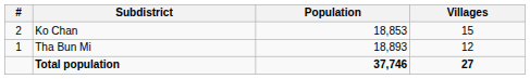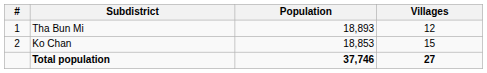 <table class="wikitable" style="width:48%;">
 <tr>
 <th>#</th>
 <th>Subdistrict</th>
 <th>Population</th>
 <th>Villages</th>
 </tr>
 <tr>
+<td style="text-align:center;">1</td>
+<td>Tha Bun Mi</td>
+<td style="text-align:right;">18,893</td>
+<td style="text-align:center;">12</td>
+</tr>
+<tr>
 <td style="text-align:center;">2</td>
 <td>Ko Chan</td>
 <td style="text-align:right;">18,853</td>
 <td style="text-align:center;">15</td>
-</tr>
-<tr>
-<td style="text-align:center;">1</td>
-<td>Tha Bun Mi</td>
-<td style="text-align:right;">18,893</td>
-<td style="text-align:center;">12</td>
 </tr>
 <tr>
 <td></td>
 <td><strong>Total population</strong></td>
 <td style="text-align:right;"><strong>37,746</strong></td>
 <td style="text-align:center;"><strong>27</strong></td>
 </tr>
 </table>
